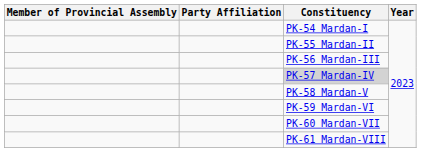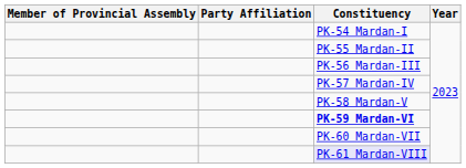 <table class="wikitable sortable">
 <tr>
 <th>Member of Provincial Assembly</th>
 <th>Party Affiliation</th>
 <th>Constituency</th>
 <th>Year</th>
 </tr>
 <tr>
 <td></td>
 <td></td>
 <td><a href='#'>PK-54 Mardan-I</a></td>
 <td rowspan="8"><a href='#'>2023</a></td>
 </tr>
 <tr>
 <td></td>
 <td></td>
 <td><a href='#'>PK-55 Mardan-II</a></td>
 </tr>
 <tr>
 <td></td>
 <td></td>
 <td><a href='#'>PK-56 Mardan-III</a></td>
 </tr>
 <tr>
 <td></td>
 <td></td>
-<td style="background: lightgrey;"><a href='#'>PK-57 Mardan-IV</a></td>
+<td><a href='#'>PK-57 Mardan-IV</a></td>
 </tr>
 <tr>
 <td></td>
 <td></td>
 <td><a href='#'>PK-58 Mardan-V</a></td>
 </tr>
 <tr>
 <td></td>
 <td></td>
-<td><a href='#'>PK-59 Mardan-VI</a></td>
+<td><strong><a href='#'>PK-59 Mardan-VI</a></strong></td>
 </tr>
 <tr>
 <td></td>
 <td></td>
 <td><a href='#'>PK-60 Mardan-VII</a></td>
 </tr>
 <tr>
 <td></td>
 <td></td>
-<td><a href='#'>PK-61 Mardan-VIII</a></td>
+<td style="background: lavender;"><a href='#'>PK-61 Mardan-VIII</a></td>
 </tr>
 </table>
